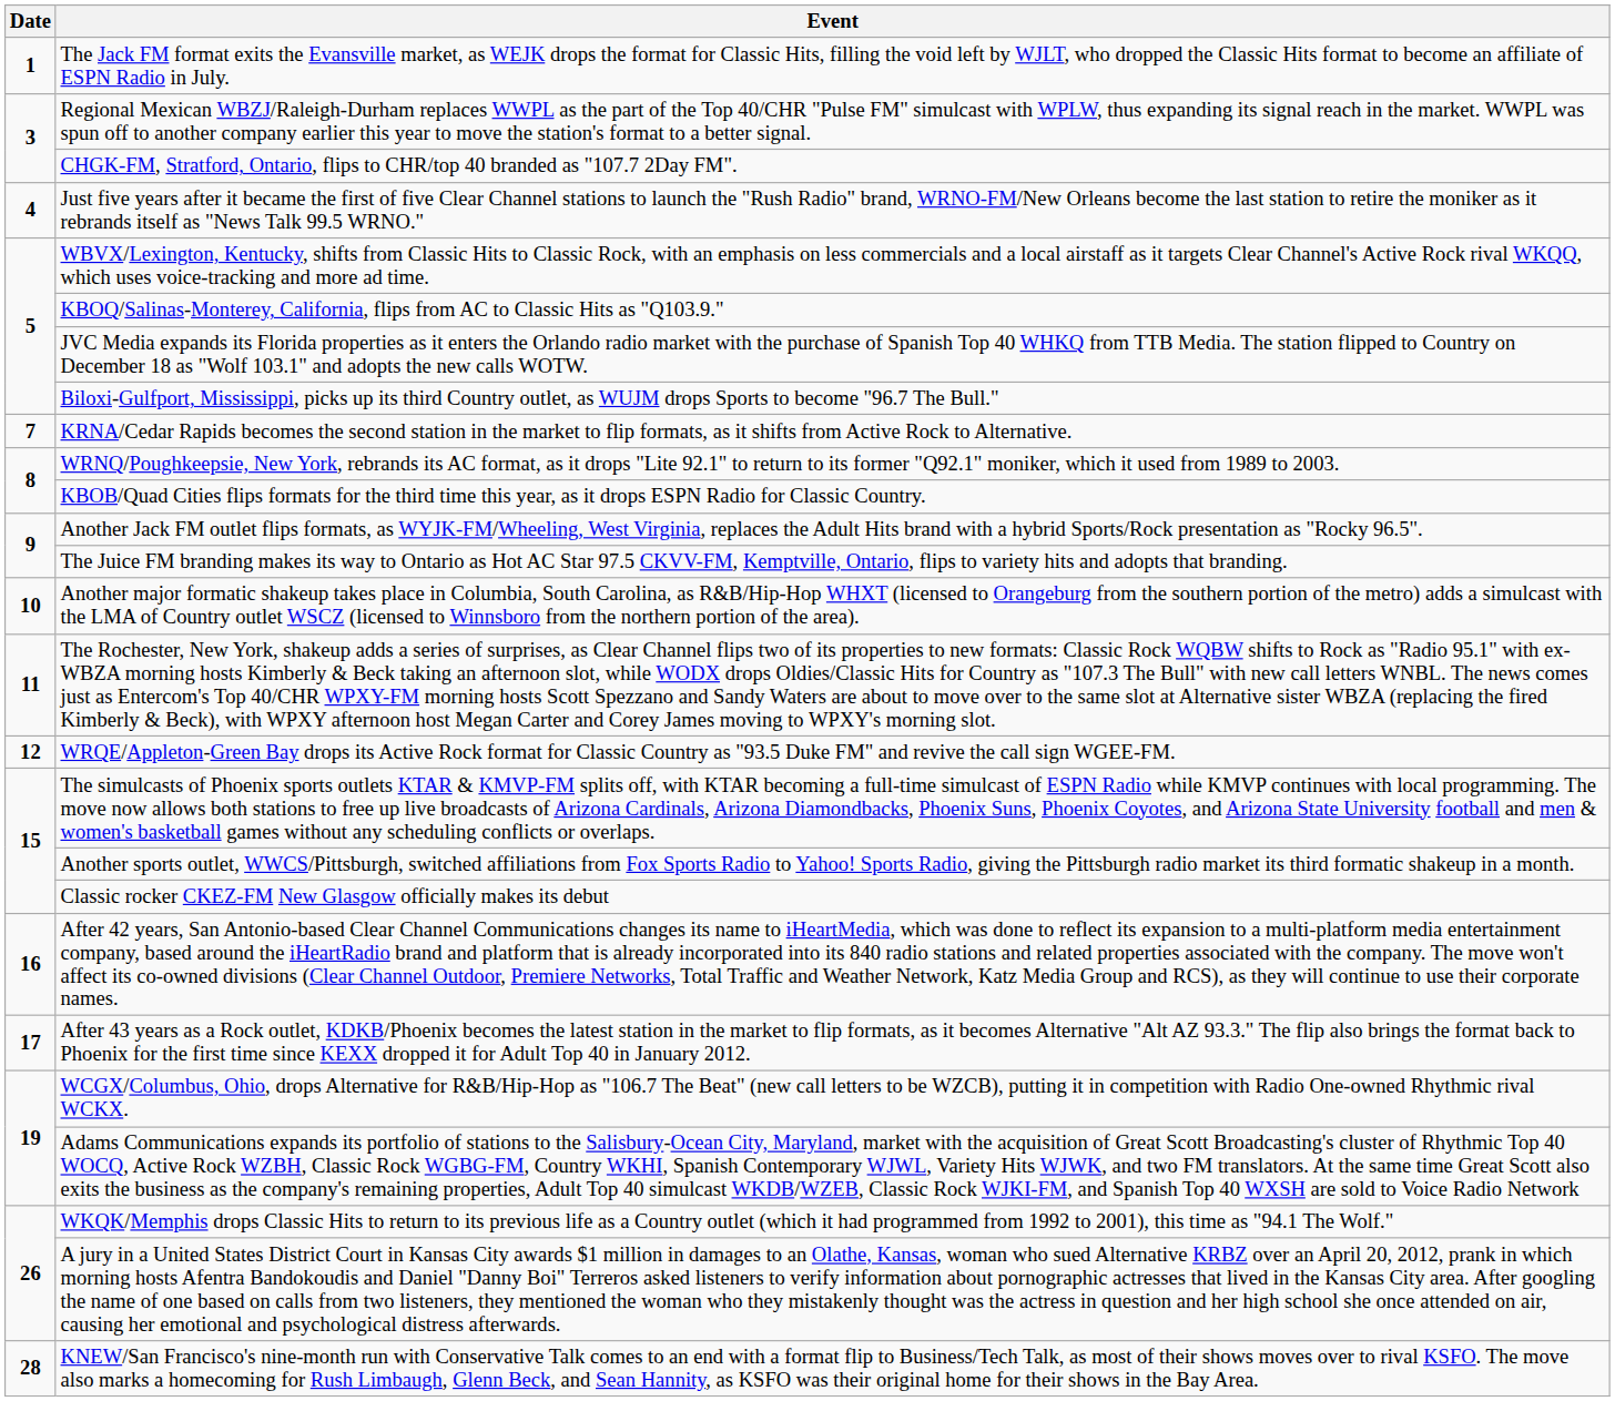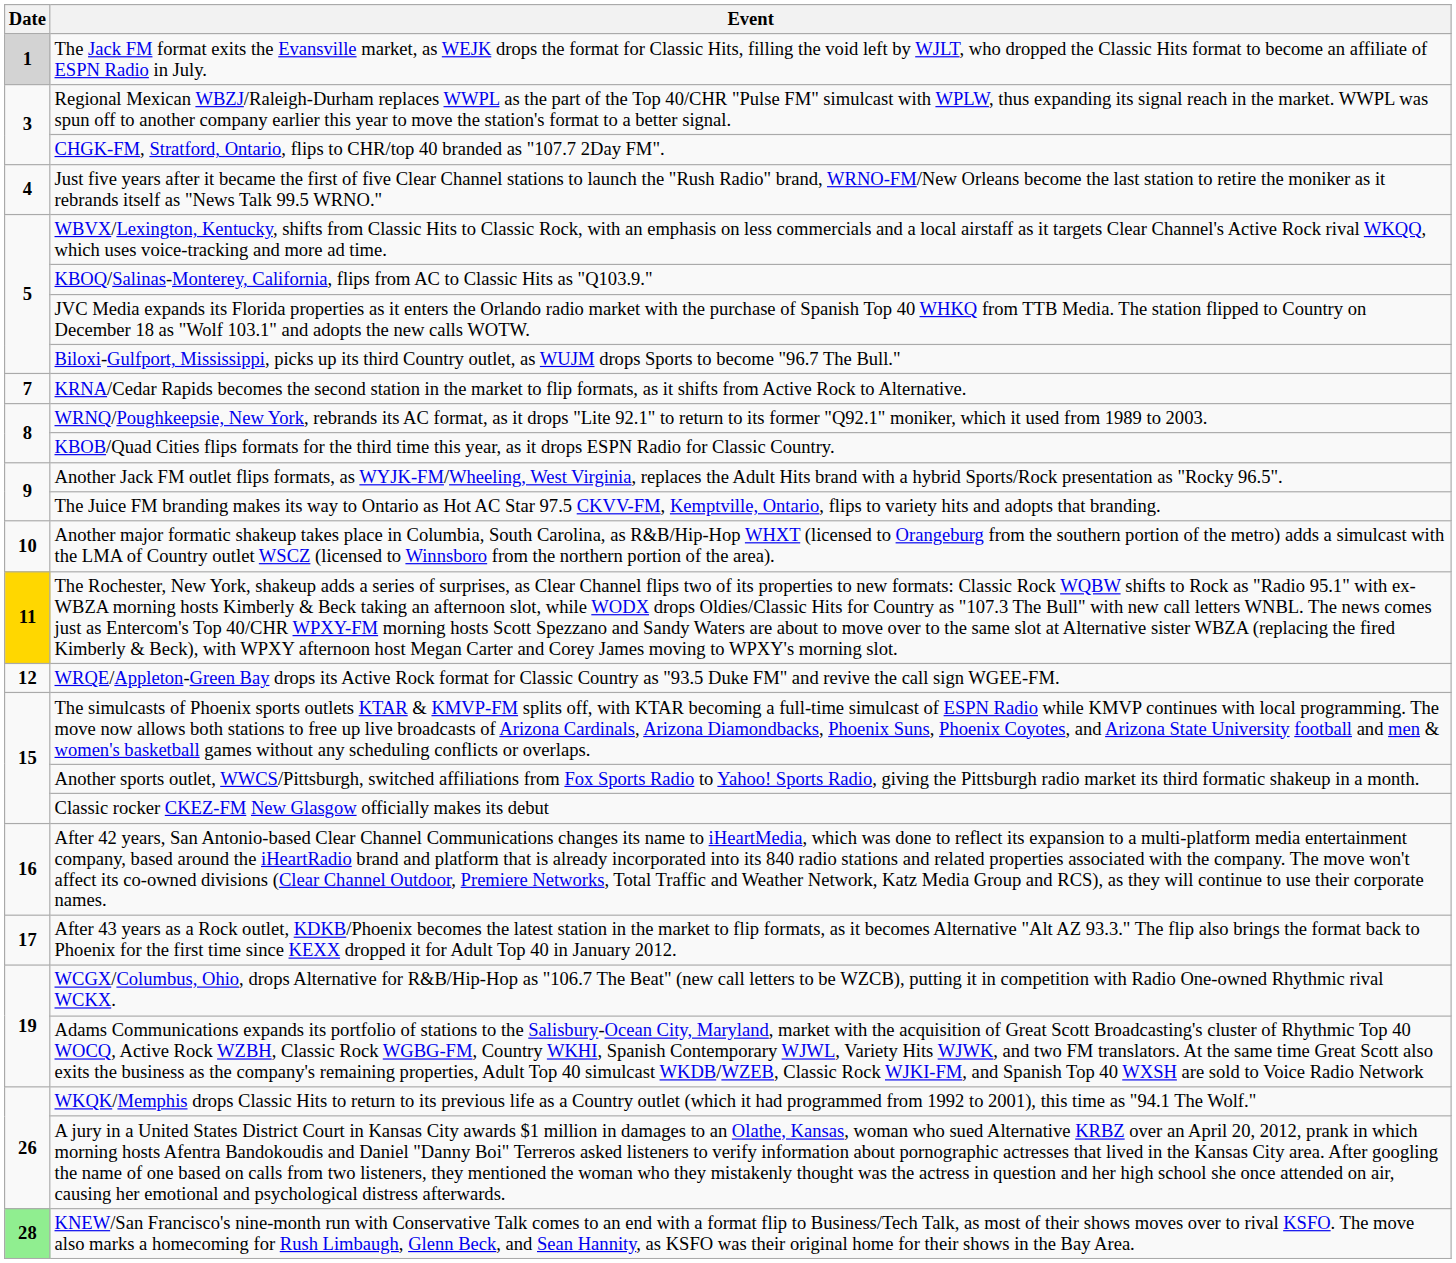 <table class="wikitable">
 <tr>
 <th>Date</th>
 <th>Event</th>
 </tr>
 <tr>
-<td style="text-align:center;"><strong>1</strong></td>
+<td style="background: lightgrey; text-align:center;"><strong>1</strong></td>
 <td>The <a href='#'>Jack FM</a> format exits the <a href='#'>Evansville</a> market, as <a href='#'>WEJK</a> drops the format for Classic Hits, filling the void left by <a href='#'>WJLT</a>, who dropped the Classic Hits format to become an affiliate of <a href='#'>ESPN Radio</a> in July.</td>
 </tr>
 <tr>
 <td style="text-align:center;" rowspan=2><strong>3</strong></td>
 <td>Regional Mexican <a href='#'>WBZJ</a>/Raleigh-Durham replaces <a href='#'>WWPL</a> as the part of the Top 40/CHR "Pulse FM" simulcast with <a href='#'>WPLW</a>, thus expanding its signal reach in the market. WWPL was spun off to another company earlier this year to move the station's format to a better signal.</td>
 </tr>
 <tr>
 <td><a href='#'>CHGK-FM</a>, <a href='#'>Stratford, Ontario</a>, flips to CHR/top 40 branded as "107.7 2Day FM".</td>
 </tr>
 <tr>
 <td style="text-align:center;"><strong>4</strong></td>
 <td>Just five years after it became the first of five Clear Channel stations to launch the "Rush Radio" brand, <a href='#'>WRNO-FM</a>/New Orleans become the last station to retire the moniker as it rebrands itself as "News Talk 99.5 WRNO."</td>
 </tr>
 <tr>
 <td style="text-align:center;" rowspan=4><strong>5</strong></td>
 <td><a href='#'>WBVX</a>/<a href='#'>Lexington, Kentucky</a>, shifts from Classic Hits to Classic Rock, with an emphasis on less commercials and a local airstaff as it targets Clear Channel's Active Rock rival <a href='#'>WKQQ</a>, which uses voice-tracking and more ad time.</td>
 </tr>
 <tr>
 <td><a href='#'>KBOQ</a>/<a href='#'>Salinas</a>-<a href='#'>Monterey, California</a>, flips from AC to Classic Hits as "Q103.9."</td>
 </tr>
 <tr>
 <td>JVC Media expands its Florida properties as it enters the Orlando radio market with the purchase of Spanish Top 40 <a href='#'>WHKQ</a> from TTB Media. The station flipped to Country on December 18 as "Wolf 103.1" and adopts the new calls WOTW.</td>
 </tr>
 <tr>
 <td><a href='#'>Biloxi</a>-<a href='#'>Gulfport, Mississippi</a>, picks up its third Country outlet, as <a href='#'>WUJM</a> drops Sports to become "96.7 The Bull."</td>
 </tr>
 <tr>
 <td style="text-align:center;"><strong>7</strong></td>
 <td><a href='#'>KRNA</a>/Cedar Rapids becomes the second station in the market to flip formats, as it shifts from Active Rock to Alternative.</td>
 </tr>
 <tr>
 <td style="text-align:center;" rowspan=2><strong>8</strong></td>
 <td><a href='#'>WRNQ</a>/<a href='#'>Poughkeepsie, New York</a>, rebrands its AC format, as it drops "Lite 92.1" to return to its former "Q92.1" moniker, which it used from 1989 to 2003.</td>
 </tr>
 <tr>
 <td><a href='#'>KBOB</a>/Quad Cities flips formats for the third time this year, as it drops ESPN Radio for Classic Country.</td>
 </tr>
 <tr>
 <td style="text-align:center;" rowspan=2><strong>9</strong></td>
 <td>Another Jack FM outlet flips formats, as <a href='#'>WYJK-FM</a>/<a href='#'>Wheeling, West Virginia</a>, replaces the Adult Hits brand with a hybrid Sports/Rock presentation as "Rocky 96.5".</td>
 </tr>
 <tr>
 <td>The Juice FM branding makes its way to Ontario as Hot AC Star 97.5 <a href='#'>CKVV-FM</a>, <a href='#'>Kemptville, Ontario</a>, flips to variety hits and adopts that branding.</td>
 </tr>
 <tr>
 <td style="text-align:center;"><strong>10</strong></td>
 <td>Another major formatic shakeup takes place in Columbia, South Carolina, as R&B/Hip-Hop <a href='#'>WHXT</a> (licensed to <a href='#'>Orangeburg</a> from the southern portion of the metro) adds a simulcast with the LMA of Country outlet <a href='#'>WSCZ</a> (licensed to <a href='#'>Winnsboro</a> from the northern portion of the area).</td>
 </tr>
 <tr>
-<td style="text-align:center;"><strong>11</strong></td>
+<td style="background: gold; text-align:center;"><strong>11</strong></td>
 <td>The Rochester, New York, shakeup adds a series of surprises, as Clear Channel flips two of its properties to new formats: Classic Rock <a href='#'>WQBW</a> shifts to Rock as "Radio 95.1" with ex-WBZA morning hosts Kimberly & Beck taking an afternoon slot, while <a href='#'>WODX</a> drops Oldies/Classic Hits for Country as "107.3 The Bull" with new call letters WNBL. The news comes just as Entercom's Top 40/CHR <a href='#'>WPXY-FM</a> morning hosts Scott Spezzano and Sandy Waters are about to move over to the same slot at Alternative sister WBZA (replacing the fired Kimberly & Beck), with WPXY afternoon host Megan Carter and Corey James moving to WPXY's morning slot.</td>
 </tr>
 <tr>
 <td style="text-align:center;"><strong>12</strong></td>
 <td><a href='#'>WRQE</a>/<a href='#'>Appleton</a>-<a href='#'>Green Bay</a> drops its Active Rock format for Classic Country as "93.5 Duke FM" and revive the call sign WGEE-FM.</td>
 </tr>
 <tr>
 <td style="text-align:center;" rowspan=3><strong>15</strong></td>
 <td>The simulcasts of Phoenix sports outlets <a href='#'>KTAR</a> & <a href='#'>KMVP-FM</a> splits off, with KTAR becoming a full-time simulcast of <a href='#'>ESPN Radio</a> while KMVP continues with local programming. The move now allows both stations to free up live broadcasts of <a href='#'>Arizona Cardinals</a>, <a href='#'>Arizona Diamondbacks</a>, <a href='#'>Phoenix Suns</a>, <a href='#'>Phoenix Coyotes</a>, and <a href='#'>Arizona State University</a> <a href='#'>football</a> and <a href='#'>men</a> & <a href='#'>women's basketball</a> games without any scheduling conflicts or overlaps.</td>
 </tr>
 <tr>
 <td>Another sports outlet, <a href='#'>WWCS</a>/Pittsburgh, switched affiliations from <a href='#'>Fox Sports Radio</a> to <a href='#'>Yahoo! Sports Radio</a>, giving the Pittsburgh radio market its third formatic shakeup in a month.</td>
 </tr>
 <tr>
 <td>Classic rocker <a href='#'>CKEZ-FM</a> <a href='#'>New Glasgow</a> officially makes its debut</td>
 </tr>
 <tr>
 <td style="text-align:center;"><strong>16</strong></td>
 <td>After 42 years, San Antonio-based Clear Channel Communications changes its name to <a href='#'>iHeartMedia</a>, which was done to reflect its expansion to a multi-platform media entertainment company, based around the <a href='#'>iHeartRadio</a> brand and platform that is already incorporated into its 840 radio stations and related properties associated with the company. The move won't affect its co-owned divisions (<a href='#'>Clear Channel Outdoor</a>, <a href='#'>Premiere Networks</a>, Total Traffic and Weather Network, Katz Media Group and RCS), as they will continue to use their corporate names.</td>
 </tr>
 <tr>
 <td style="text-align:center;"><strong>17</strong></td>
 <td>After 43 years as a Rock outlet, <a href='#'>KDKB</a>/Phoenix becomes the latest station in the market to flip formats, as it becomes Alternative "Alt AZ 93.3." The flip also brings the format back to Phoenix for the first time since <a href='#'>KEXX</a> dropped it for Adult Top 40 in January 2012.</td>
 </tr>
 <tr>
 <td style="text-align:center;" rowspan=2><strong>19</strong></td>
 <td><a href='#'>WCGX</a>/<a href='#'>Columbus, Ohio</a>, drops Alternative for R&B/Hip-Hop as "106.7 The Beat" (new call letters to be WZCB), putting it in competition with Radio One-owned Rhythmic rival <a href='#'>WCKX</a>.</td>
 </tr>
 <tr>
 <td>Adams Communications expands its portfolio of stations to the <a href='#'>Salisbury</a>-<a href='#'>Ocean City, Maryland</a>, market with the acquisition of Great Scott Broadcasting's cluster of Rhythmic Top 40 <a href='#'>WOCQ</a>, Active Rock <a href='#'>WZBH</a>, Classic Rock <a href='#'>WGBG-FM</a>, Country <a href='#'>WKHI</a>, Spanish Contemporary <a href='#'>WJWL</a>, Variety Hits <a href='#'>WJWK</a>, and two FM translators. At the same time Great Scott also exits the business as the company's remaining properties, Adult Top 40 simulcast <a href='#'>WKDB</a>/<a href='#'>WZEB</a>, Classic Rock <a href='#'>WJKI-FM</a>, and Spanish Top 40 <a href='#'>WXSH</a> are sold to Voice Radio Network</td>
 </tr>
 <tr>
 <td style="text-align:center;" rowspan=2><strong>26</strong></td>
 <td><a href='#'>WKQK</a>/<a href='#'>Memphis</a> drops Classic Hits to return to its previous life as a Country outlet (which it had programmed from 1992 to 2001), this time as "94.1 The Wolf."</td>
 </tr>
 <tr>
 <td>A jury in a United States District Court in Kansas City awards $1 million in damages to an <a href='#'>Olathe, Kansas</a>, woman who sued Alternative <a href='#'>KRBZ</a> over an April 20, 2012, prank in which morning hosts Afentra Bandokoudis and Daniel "Danny Boi" Terreros asked listeners to verify information about pornographic actresses that lived in the Kansas City area. After googling the name of one based on calls from two listeners, they mentioned the woman who they mistakenly thought was the actress in question and her high school she once attended on air, causing her emotional and psychological distress afterwards.</td>
 </tr>
 <tr>
-<td style="text-align:center;"><strong>28</strong></td>
+<td style="background: lightgreen; text-align:center;"><strong>28</strong></td>
 <td><a href='#'>KNEW</a>/San Francisco's nine-month run with Conservative Talk comes to an end with a format flip to Business/Tech Talk, as most of their shows moves over to rival <a href='#'>KSFO</a>. The move also marks a homecoming for <a href='#'>Rush Limbaugh</a>, <a href='#'>Glenn Beck</a>, and <a href='#'>Sean Hannity</a>, as KSFO was their original home for their shows in the Bay Area.</td>
 </tr>
 </table>
